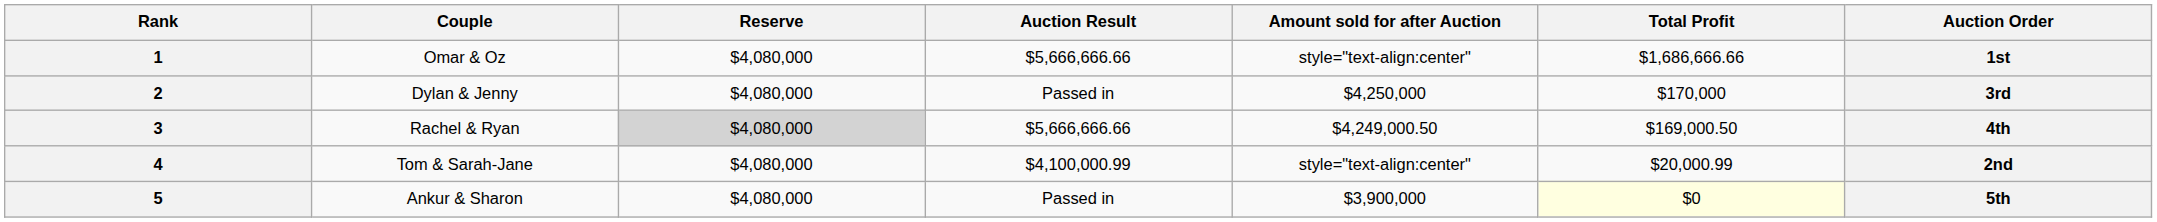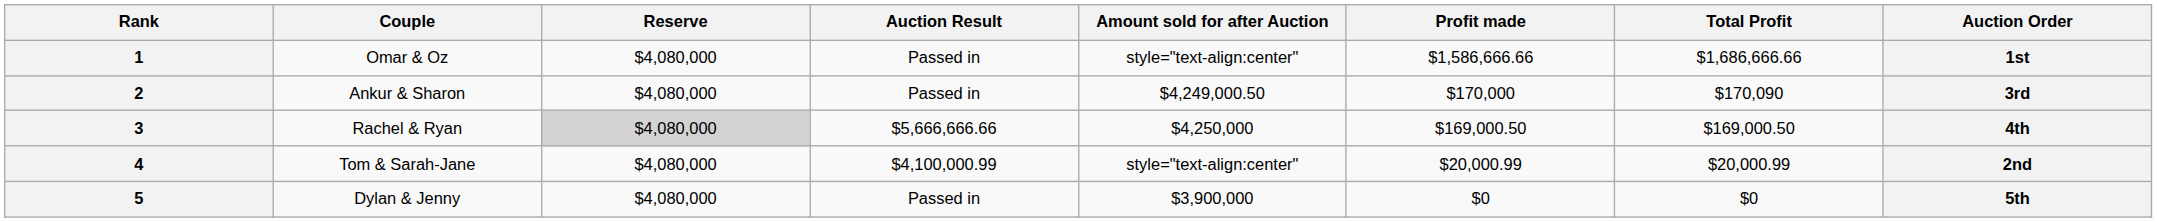 <table class="wikitable sortable" style="text-align: center; font-size: 9pt; line-height:20px; width:99%">
 <tr>
 <th style="width:130px;">Rank</th>
 <th style="width:130px;">Couple</th>
 <th style="width:130px;">Reserve</th>
 <th style="width:130px;">Auction Result</th>
 <th style="width:130px;">Amount sold for after Auction</th>
+<th style="width:130px;">Profit made</th>
 <th style="width:130px;">Total Profit</th>
 <th style="width:130px;">Auction Order</th>
 </tr>
 <tr style="text-align:center">
 <th>1</th>
 <td style="text-align:center">Omar & Oz</td>
 <td style="text-align:center">$4,080,000</td>
-<td style="text-align:center">$5,666,666.66</td>
+<td style="text-align:center">Passed in</td>
 <td>style="text-align:center" </td>
+<td style="text-align:center">$1,586,666.66</td>
 <td>$1,686,666.66</td>
 <th style="text-align:center">1st</th>
 </tr>
 <tr>
 <th>2</th>
-<td>Dylan & Jenny</td>
+<td>Ankur & Sharon</td>
 <td>$4,080,000</td>
 <td>Passed in</td>
-<td>$4,250,000</td>
+<td style="text-align:center">$4,249,000.50</td>
 <td>$170,000</td>
+<td>$170,090</td>
 <th style="text-align:center">3rd</th>
 </tr>
 <tr style="text-align:center">
 <th>3</th>
 <td style="text-align:center">Rachel & Ryan</td>
 <td style="background: lightgrey; text-align:center">$4,080,000</td>
 <td style="text-align:center">$5,666,666.66</td>
-<td style="text-align:center">$4,249,000.50</td>
+<td>$4,250,000</td>
+<td style="text-align:center">$169,000.50</td>
 <td>$169,000.50</td>
 <th>4th</th>
 </tr>
 <tr style="text-align:center">
 <th>4</th>
 <td style="text-align:center">Tom & Sarah-Jane</td>
 <td style="text-align:center">$4,080,000</td>
 <td style="text-align:center">$4,100,000.99</td>
 <td>style="text-align:center" </td>
+<td style="text-align:center">$20,000.99</td>
 <td>$20,000.99</td>
 <th style="text-align:center">2nd</th>
 </tr>
 <tr>
 <th>5</th>
-<td>Ankur & Sharon</td>
+<td>Dylan & Jenny</td>
 <td style="text-align:center">$4,080,000</td>
 <td style="text-align:center">Passed in</td>
 <td style="text-align:center">$3,900,000</td>
-<td style="background: lightyellow; text-align:center">$0</td>
+<td style="text-align:center">$0</td>
+<td style="text-align:center">$0</td>
 <th>5th</th>
 </tr>
 </table>
